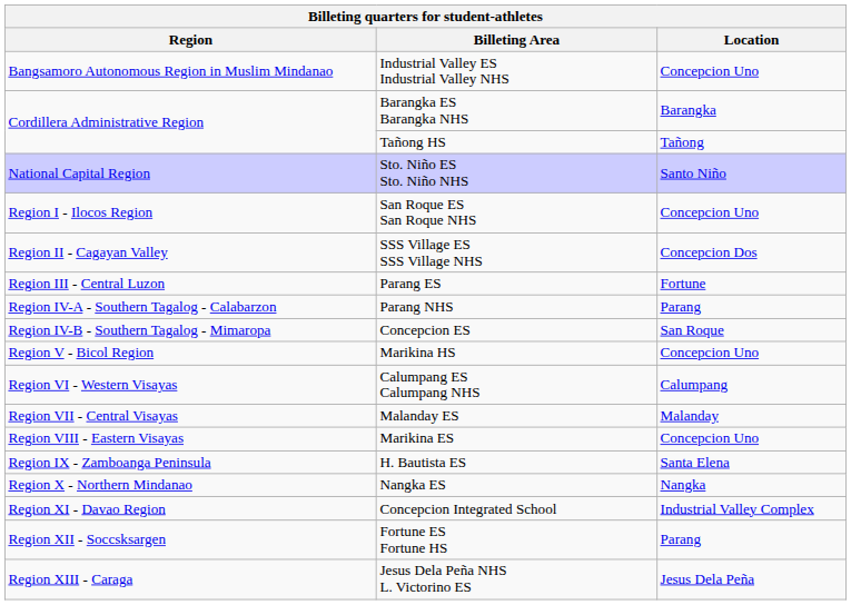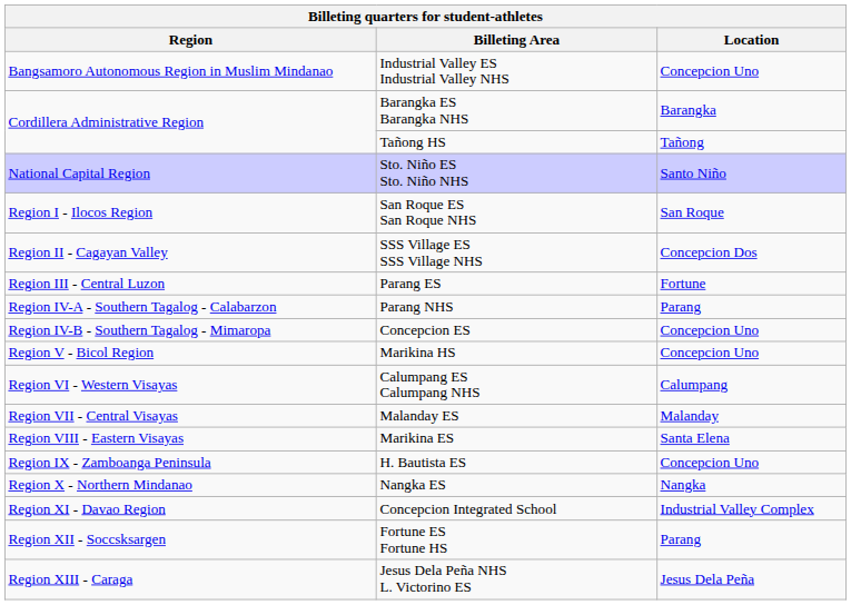 <table class="wikitable">
 <tr>
 <th colspan=5>Billeting quarters for student-athletes</th>
 </tr>
 <tr>
 <th style="width:400px;">Region</th>
 <th style="width:300px;">Billeting Area</th>
 <th style="width:200px;">Location</th>
 </tr>
 <tr>
 <td><a href='#'>Bangsamoro Autonomous Region in Muslim Mindanao</a></td>
 <td>Industrial Valley ES <br> Industrial Valley NHS</td>
 <td><a href='#'>Concepcion Uno</a></td>
 </tr>
 <tr>
 <td rowspan=2><a href='#'>Cordillera Administrative Region</a></td>
 <td>Barangka ES <br> Barangka NHS</td>
 <td><a href='#'>Barangka</a></td>
 </tr>
 <tr>
 <td>Tañong HS</td>
 <td><a href='#'>Tañong</a></td>
 </tr>
 <tr style="background:#ccf;">
 <td><a href='#'>National Capital Region</a></td>
 <td>Sto. Niño ES <br> Sto. Niño NHS</td>
 <td><a href='#'>Santo Niño</a></td>
 </tr>
 <tr>
 <td><a href='#'>Region I</a> - <a href='#'>Ilocos Region</a></td>
 <td>San Roque ES <br> San Roque NHS</td>
-<td><a href='#'>Concepcion Uno</a></td>
+<td><a href='#'>San Roque</a></td>
 </tr>
 <tr>
 <td><a href='#'>Region II</a> - <a href='#'>Cagayan Valley</a></td>
 <td>SSS Village ES <br> SSS Village NHS</td>
 <td><a href='#'>Concepcion Dos</a></td>
 </tr>
 <tr>
 <td><a href='#'>Region III</a> - <a href='#'>Central Luzon</a></td>
 <td>Parang ES</td>
 <td><a href='#'>Fortune</a></td>
 </tr>
 <tr>
 <td><a href='#'>Region IV-A</a> - <a href='#'>Southern Tagalog</a> - <a href='#'>Calabarzon</a></td>
 <td>Parang NHS</td>
 <td><a href='#'>Parang</a></td>
 </tr>
 <tr>
 <td><a href='#'>Region IV-B</a> - <a href='#'>Southern Tagalog</a> - <a href='#'>Mimaropa</a></td>
 <td>Concepcion ES</td>
-<td><a href='#'>San Roque</a></td>
+<td><a href='#'>Concepcion Uno</a></td>
 </tr>
 <tr>
 <td><a href='#'>Region V</a> - <a href='#'>Bicol Region</a></td>
 <td>Marikina HS</td>
 <td><a href='#'>Concepcion Uno</a></td>
 </tr>
 <tr>
 <td><a href='#'>Region VI</a> - <a href='#'>Western Visayas</a></td>
 <td>Calumpang ES <br> Calumpang NHS</td>
 <td><a href='#'>Calumpang</a></td>
 </tr>
 <tr>
 <td><a href='#'>Region VII</a> - <a href='#'>Central Visayas</a></td>
 <td>Malanday ES</td>
 <td><a href='#'>Malanday</a></td>
 </tr>
 <tr>
 <td><a href='#'>Region VIII</a> - <a href='#'>Eastern Visayas</a></td>
 <td>Marikina ES</td>
-<td><a href='#'>Concepcion Uno</a></td>
+<td><a href='#'>Santa Elena</a></td>
 </tr>
 <tr>
 <td><a href='#'>Region IX</a> - <a href='#'>Zamboanga Peninsula</a></td>
 <td>H. Bautista ES</td>
-<td><a href='#'>Santa Elena</a></td>
+<td><a href='#'>Concepcion Uno</a></td>
 </tr>
 <tr>
 <td><a href='#'>Region X</a> - <a href='#'>Northern Mindanao</a></td>
 <td>Nangka ES</td>
 <td><a href='#'>Nangka</a></td>
 </tr>
 <tr>
 <td><a href='#'>Region XI</a> - <a href='#'>Davao Region</a></td>
 <td>Concepcion Integrated School</td>
 <td><a href='#'>Industrial Valley Complex</a></td>
 </tr>
 <tr>
 <td><a href='#'>Region XII</a> - <a href='#'>Soccsksargen</a></td>
 <td>Fortune ES <br> Fortune HS</td>
 <td><a href='#'>Parang</a></td>
 </tr>
 <tr>
 <td><a href='#'>Region XIII</a> - <a href='#'>Caraga</a></td>
 <td>Jesus Dela Peña NHS <br> L. Victorino ES</td>
 <td><a href='#'>Jesus Dela Peña</a></td>
 </tr>
 </table>
